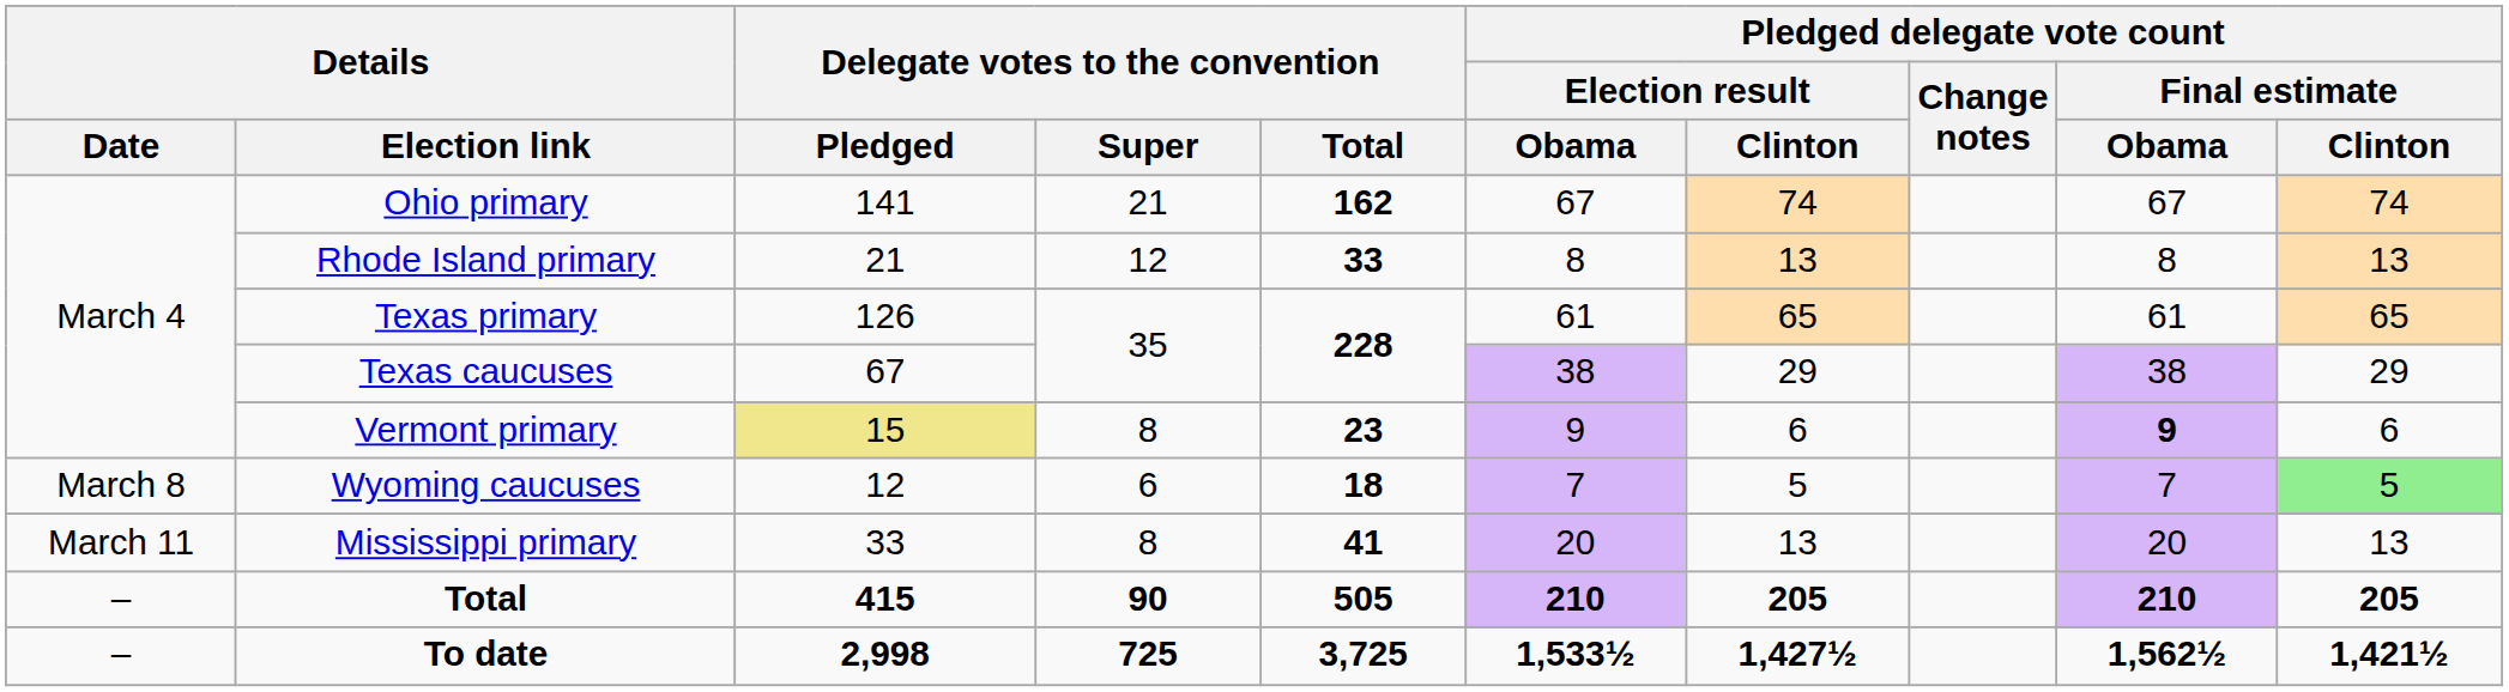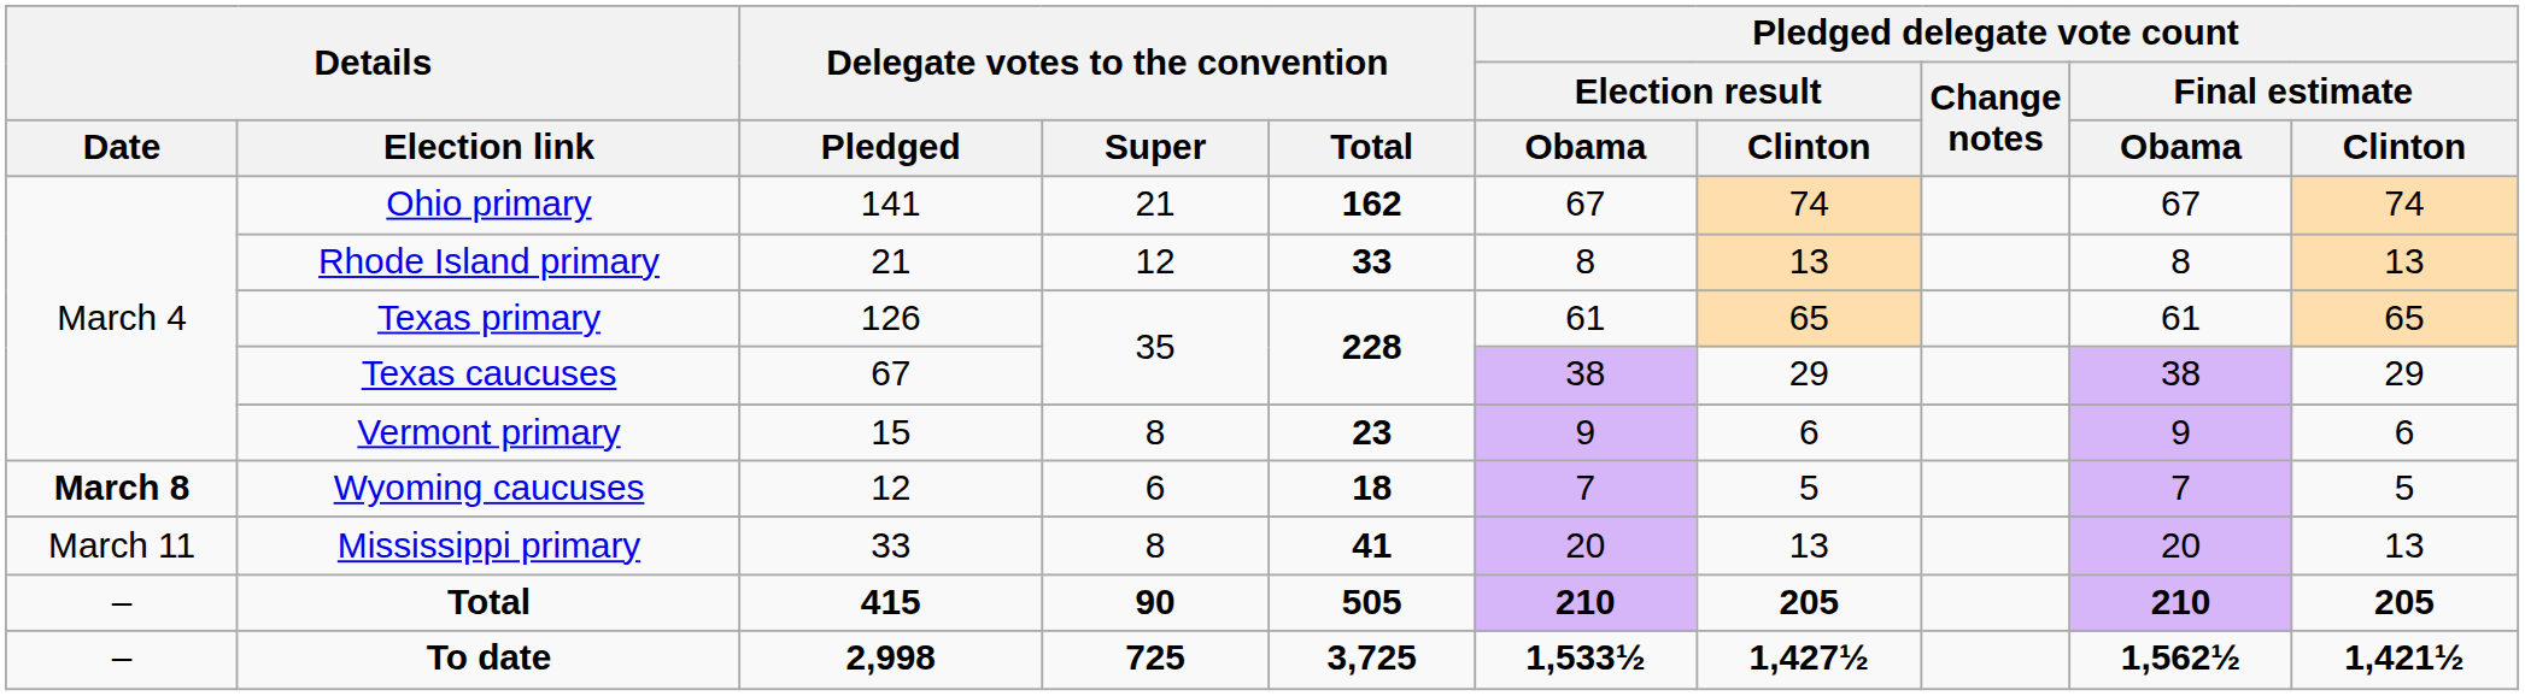 <table class="wikitable" style="text-align:center">
 <tr>
 <th rowspan="2" colspan="2" style="width:20em">Details</th>
 <th rowspan="2" colspan="3" style="width:20em">Delegate votes to the convention</th>
 <th colspan="5">Pledged delegate vote count</th>
 </tr>
 <tr>
 <th colspan="2" style="width:12em">Election result</th>
 <th rowspan="2">Change<br>notes</th>
 <th colspan="2" style="width:12em">Final estimate</th>
 </tr>
 <tr>
 <th style="width:6em">Date</th>
 <th>Election link</th>
 <th>Pledged</th>
 <th>Super</th>
 <th>Total</th>
 <th>Obama</th>
 <th>Clinton</th>
 <th>Obama</th>
 <th>Clinton</th>
 </tr>
 <tr>
 <td rowspan="5">March 4</td>
 <td><a href='#'>Ohio primary</a></td>
 <td>141</td>
 <td>21</td>
 <td><strong>162</strong></td>
 <td>67</td>
 <td style="background:#ffdead;">74</td>
 <td></td>
 <td>67</td>
 <td style="background:#ffdead;">74</td>
 </tr>
 <tr>
 <td><a href='#'>Rhode Island primary</a></td>
 <td>21</td>
 <td>12</td>
 <td><strong>33</strong></td>
 <td>8</td>
 <td style="background:#ffdead;">13</td>
 <td></td>
 <td>8</td>
 <td style="background:#ffdead;">13</td>
 </tr>
 <tr>
 <td><a href='#'>Texas primary</a></td>
 <td>126</td>
 <td rowspan="2">35</td>
 <td rowspan="2"><strong>228</strong></td>
 <td>61</td>
 <td style="background:#ffdead;">65</td>
 <td></td>
 <td>61</td>
 <td style="background:#ffdead;">65</td>
 </tr>
 <tr>
 <td><a href='#'>Texas caucuses</a></td>
 <td>67</td>
 <td style="background:#d6b6f9;">38</td>
 <td>29</td>
 <td></td>
 <td style="background:#d6b6f9;">38</td>
 <td>29</td>
 </tr>
 <tr>
 <td><a href='#'>Vermont primary</a></td>
-<td style="background: khaki;">15</td>
+<td>15</td>
 <td>8</td>
 <td><strong>23</strong></td>
 <td style="background:#d6b6f9;">9</td>
 <td>6</td>
 <td></td>
-<td style="background:#d6b6f9;"><strong>9</strong></td>
+<td style="background:#d6b6f9;">9</td>
 <td>6</td>
 </tr>
 <tr>
-<td>March 8</td>
+<td><strong>March 8</strong></td>
 <td><a href='#'>Wyoming caucuses</a></td>
 <td>12</td>
 <td>6</td>
 <td><strong>18</strong></td>
 <td style="background:#d6b6f9;">7</td>
 <td>5</td>
 <td></td>
 <td style="background:#d6b6f9;">7</td>
-<td style="background: lightgreen;">5</td>
+<td>5</td>
 </tr>
 <tr>
 <td>March 11</td>
 <td><a href='#'>Mississippi primary</a></td>
 <td>33</td>
 <td>8</td>
 <td><strong>41</strong></td>
 <td style="background:#d6b6f9;">20</td>
 <td>13</td>
 <td></td>
 <td style="background:#d6b6f9;">20</td>
 <td>13</td>
 </tr>
 <tr>
 <td>–</td>
 <td><strong>Total</strong></td>
 <td><strong>415</strong></td>
 <td><strong>90</strong></td>
 <td><strong>505</strong></td>
 <td style="background:#d6b6f9;"><strong>210</strong></td>
 <td><strong>205</strong></td>
 <td></td>
 <td style="background:#d6b6f9;"><strong>210</strong></td>
 <td><strong>205</strong></td>
 </tr>
 <tr>
 <td>–</td>
 <td><strong>To date</strong></td>
 <td><strong>2,998</strong></td>
 <td><strong>725</strong></td>
 <td><strong>3,725</strong></td>
 <td><strong>1,533½</strong></td>
 <td><strong>1,427½</strong></td>
 <td></td>
 <td><strong>1,562½</strong></td>
 <td><strong>1,421½</strong></td>
 </tr>
 </table>
